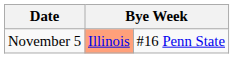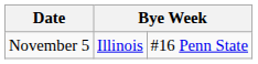 <table class="wikitable" style="font-size:95%;">
 <tr>
 <th>Date</th>
 <th colspan="2">Bye Week</th>
 </tr>
 <tr>
 <td>November 5</td>
-<td style="background: lightsalmon;"><a href='#'>Illinois</a></td>
+<td><a href='#'>Illinois</a></td>
 <td>#16 <a href='#'>Penn State</a></td>
 </tr>
 </table>
